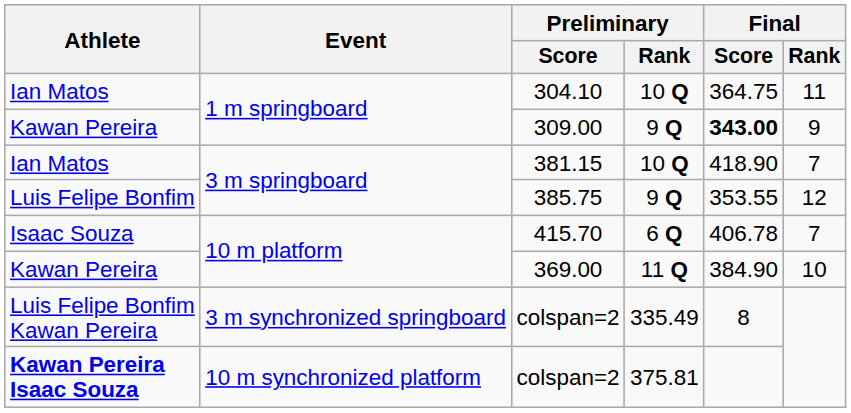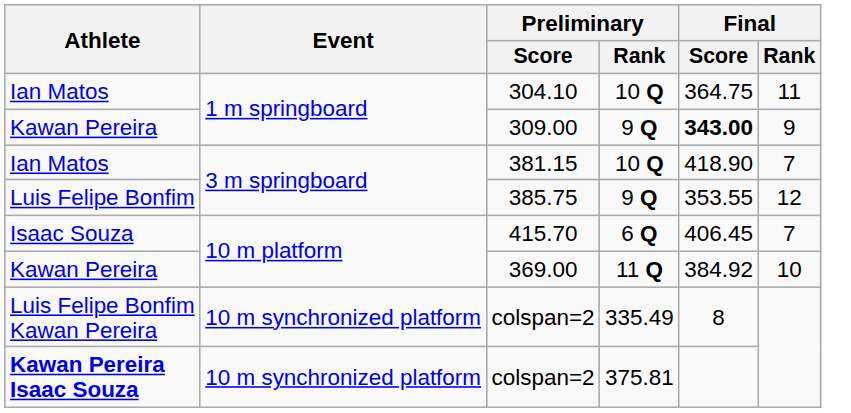 <table class=wikitable style=font-size:90%;text-align:center>
 <tr>
 <th rowspan=2>Athlete</th>
 <th rowspan=2>Event</th>
 <th colspan=2>Preliminary</th>
 <th colspan=2>Final</th>
 </tr>
 <tr style=font-size:95%>
 <th>Score</th>
 <th>Rank</th>
 <th>Score</th>
 <th>Rank</th>
 </tr>
 <tr>
 <td align=left><a href='#'>Ian Matos</a></td>
 <td align=left rowspan=2><a href='#'>1 m springboard</a></td>
 <td>304.10</td>
 <td>10 <strong>Q</strong></td>
 <td>364.75</td>
 <td>11</td>
 </tr>
 <tr>
 <td align=left><a href='#'>Kawan Pereira</a></td>
 <td>309.00</td>
 <td>9 <strong>Q</strong></td>
 <td><strong>343.00</strong></td>
 <td>9</td>
 </tr>
 <tr>
 <td align=left><a href='#'>Ian Matos</a></td>
 <td align=left rowspan=2><a href='#'>3 m springboard</a></td>
 <td>381.15</td>
 <td>10 <strong>Q</strong></td>
 <td>418.90</td>
 <td>7</td>
 </tr>
 <tr>
 <td align=left><a href='#'>Luis Felipe Bonfim</a></td>
 <td>385.75</td>
 <td>9 <strong>Q</strong></td>
 <td>353.55</td>
 <td>12</td>
 </tr>
 <tr>
 <td align=left><a href='#'>Isaac Souza</a></td>
 <td align=left rowspan=2><a href='#'>10 m platform</a></td>
 <td>415.70</td>
 <td>6 <strong>Q</strong></td>
-<td>406.78</td>
+<td>406.45</td>
 <td>7</td>
 </tr>
 <tr align=center>
 <td align=left><a href='#'>Kawan Pereira</a></td>
 <td>369.00</td>
 <td>11 <strong>Q</strong></td>
-<td>384.90</td>
+<td>384.92</td>
 <td>10</td>
 </tr>
 <tr align=center>
 <td align=left><a href='#'>Luis Felipe Bonfim</a> <br> <a href='#'>Kawan Pereira</a></td>
-<td align=left><a href='#'>3 m synchronized springboard</a></td>
+<td align=left><a href='#'>10 m synchronized platform</a></td>
 <td>colspan=2 </td>
 <td>335.49</td>
 <td>8</td>
 </tr>
 <tr>
 <td align=left><strong><a href='#'>Kawan Pereira</a></strong> <br> <strong><a href='#'>Isaac Souza</a></strong></td>
 <td align=left><a href='#'>10 m synchronized platform</a></td>
 <td>colspan=2 </td>
 <td>375.81</td>
 <td></td>
 </tr>
 </table>
